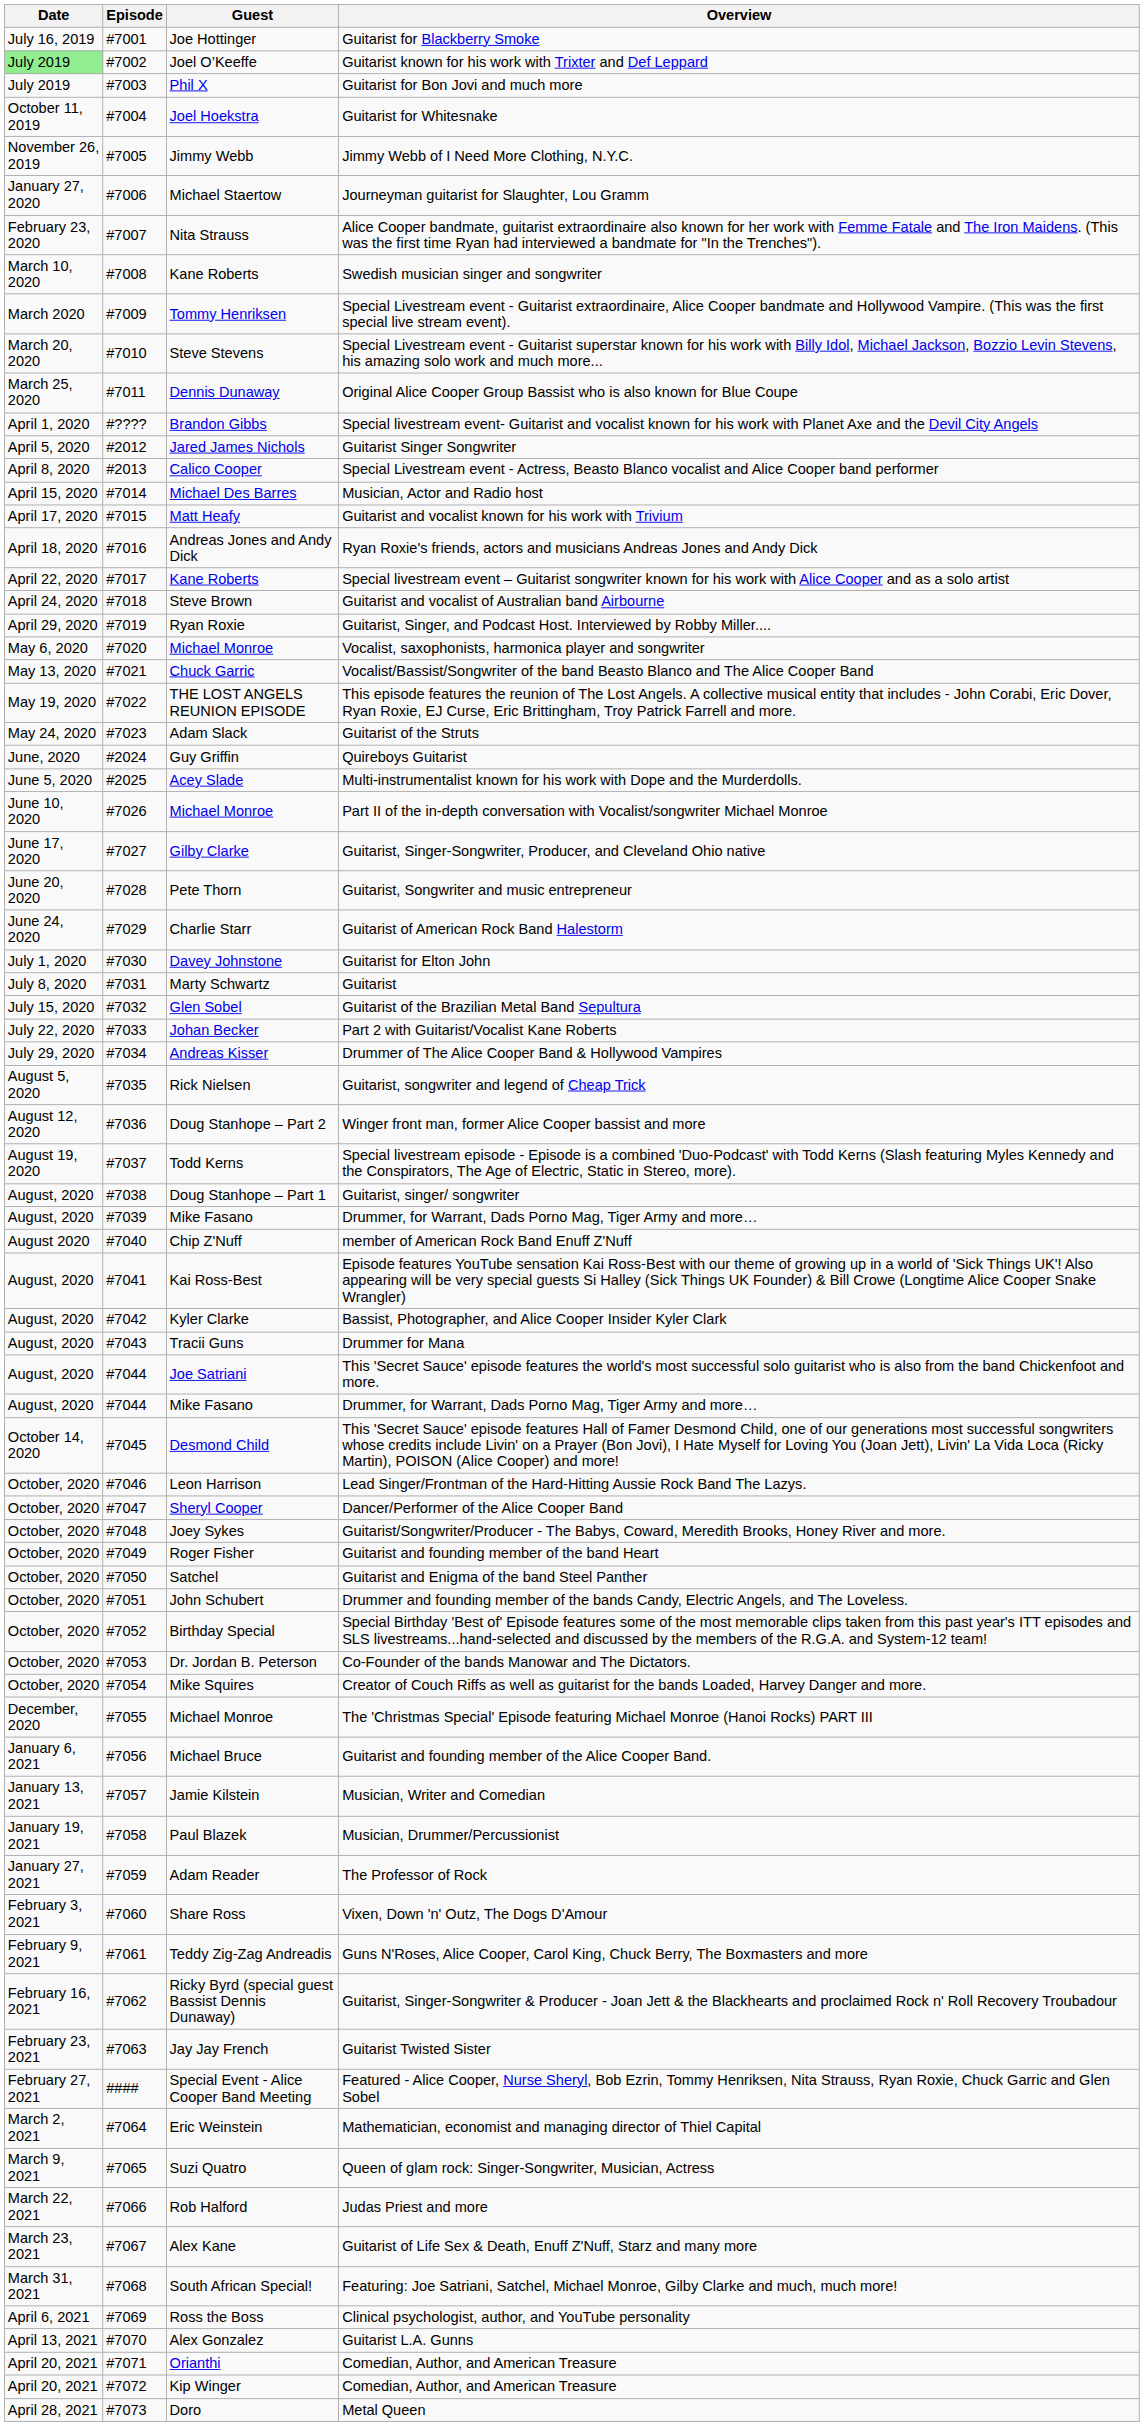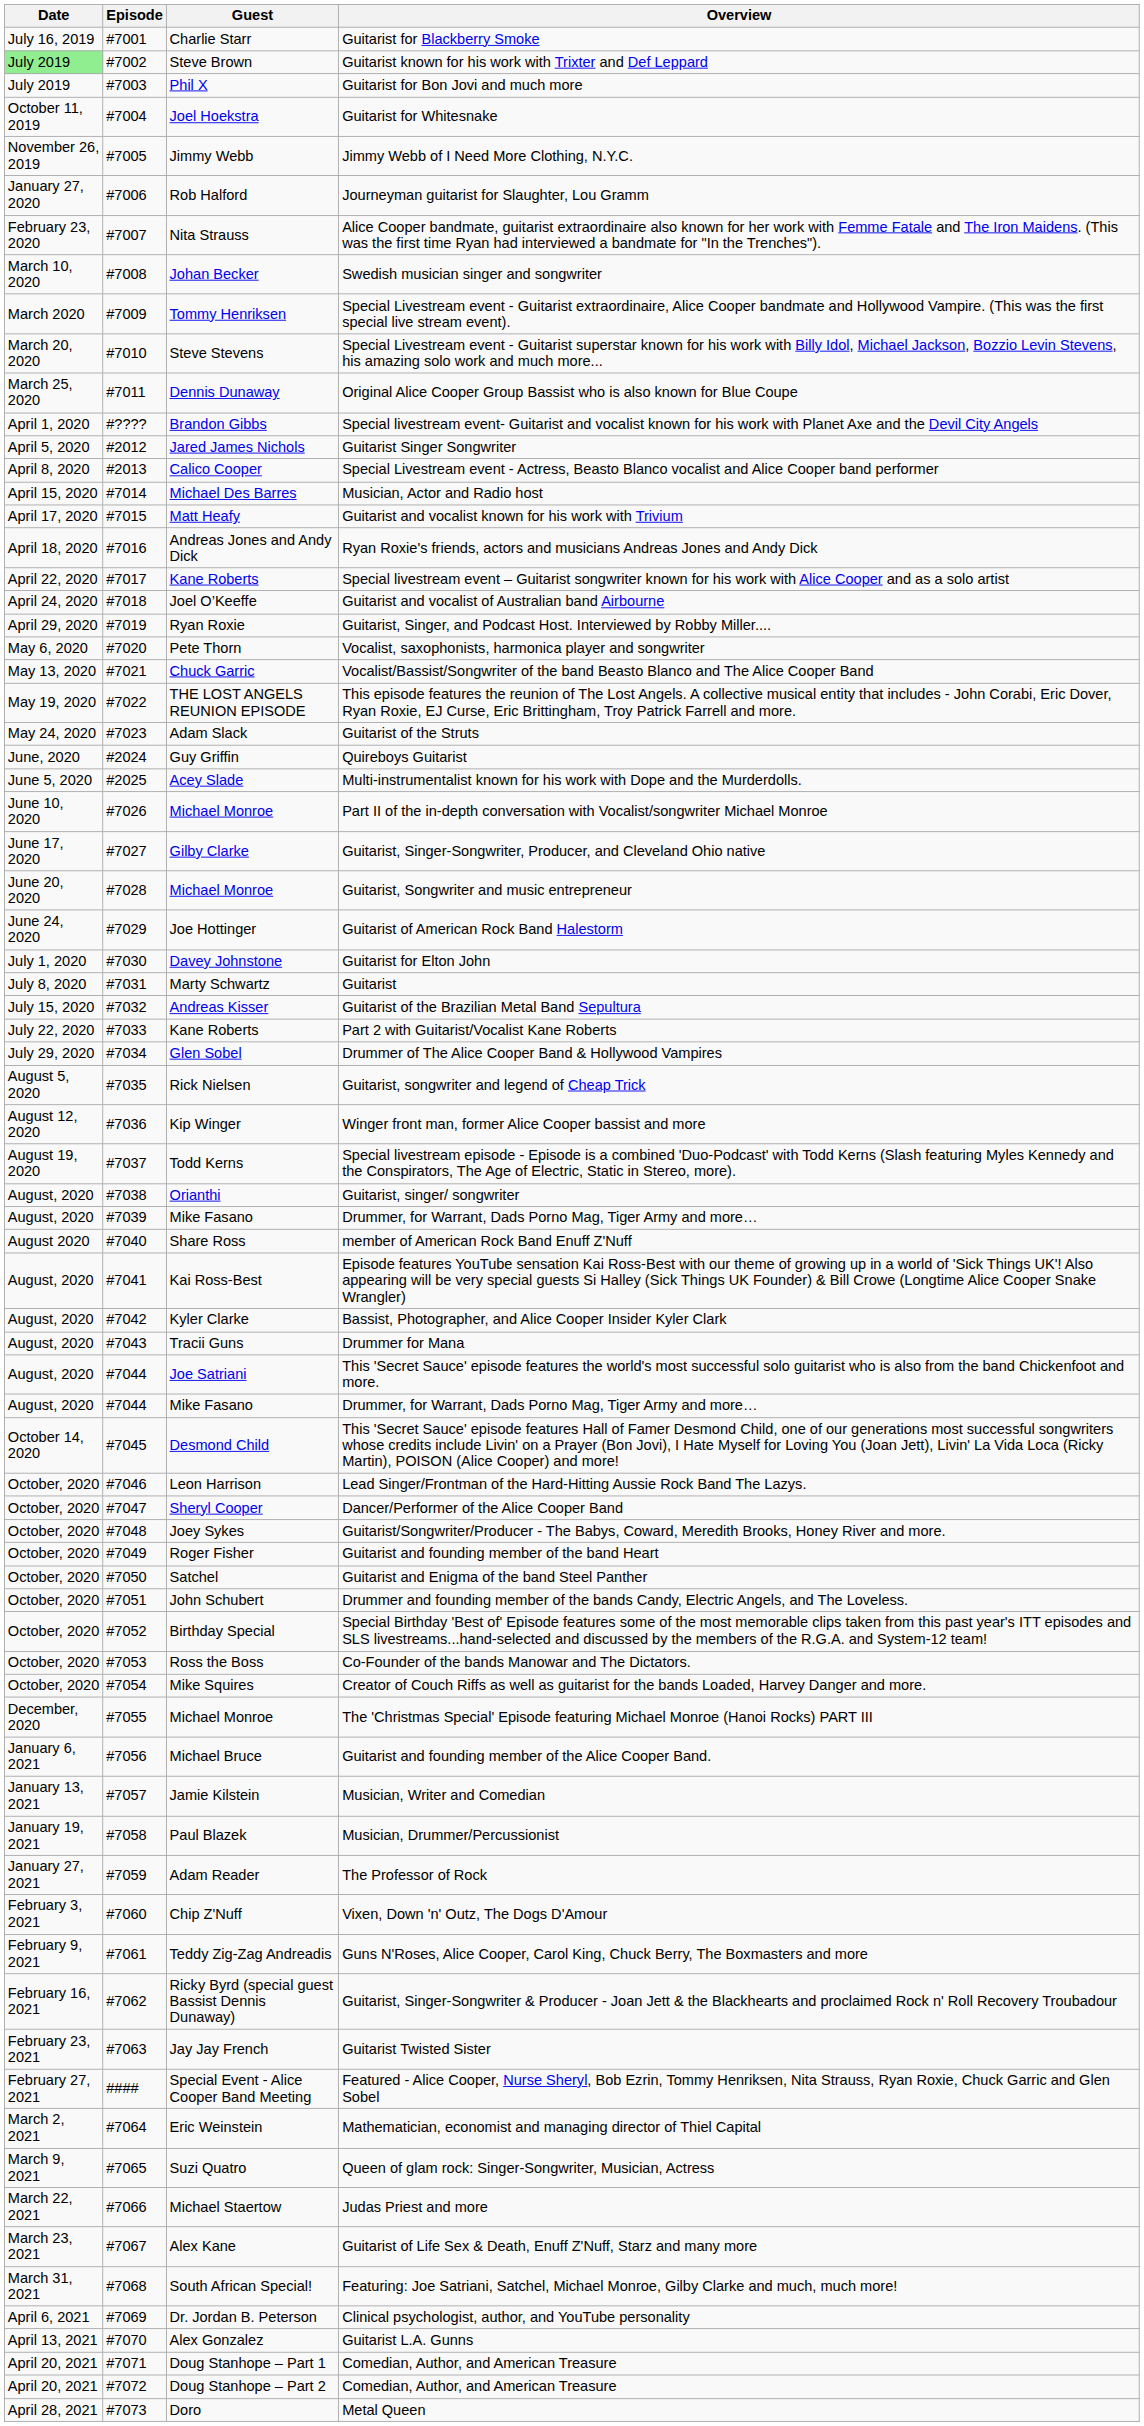 <table class="wikitable">
 <tr>
 <th>Date</th>
 <th>Episode</th>
 <th>Guest</th>
 <th>Overview</th>
 </tr>
 <tr>
 <td>July 16, 2019</td>
 <td>#7001</td>
-<td>Joe Hottinger</td>
+<td>Charlie Starr</td>
 <td>Guitarist for <a href='#'>Blackberry Smoke</a></td>
 </tr>
 <tr>
 <td style="background: lightgreen;">July 2019</td>
 <td>#7002</td>
-<td>Joel O’Keeffe</td>
+<td>Steve Brown</td>
 <td>Guitarist known for his work with <a href='#'>Trixter</a> and <a href='#'>Def Leppard</a></td>
 </tr>
 <tr>
 <td>July 2019</td>
 <td>#7003</td>
 <td><a href='#'>Phil X</a></td>
 <td>Guitarist for Bon Jovi and much more</td>
 </tr>
 <tr>
 <td>October 11, 2019</td>
 <td>#7004</td>
 <td><a href='#'>Joel Hoekstra</a></td>
 <td>Guitarist for Whitesnake</td>
 </tr>
 <tr>
 <td>November 26, 2019</td>
 <td>#7005</td>
 <td>Jimmy Webb</td>
 <td>Jimmy Webb of I Need More Clothing, N.Y.C.</td>
 </tr>
 <tr>
 <td>January 27, 2020</td>
 <td>#7006</td>
-<td>Michael Staertow</td>
+<td>Rob Halford</td>
 <td>Journeyman guitarist for Slaughter, Lou Gramm</td>
 </tr>
 <tr>
 <td>February 23, 2020</td>
 <td>#7007</td>
 <td>Nita Strauss</td>
 <td>Alice Cooper bandmate, guitarist extraordinaire also known for her work with <a href='#'>Femme Fatale</a> and <a href='#'>The Iron Maidens</a>. (This was the first time Ryan had interviewed a bandmate for "In the Trenches").</td>
 </tr>
 <tr>
 <td>March 10, 2020</td>
 <td>#7008</td>
-<td>Kane Roberts</td>
+<td><a href='#'>Johan Becker</a></td>
 <td>Swedish musician singer and songwriter</td>
 </tr>
 <tr>
 <td>March 2020</td>
 <td>#7009</td>
 <td><a href='#'>Tommy Henriksen</a></td>
 <td>Special Livestream event - Guitarist extraordinaire, Alice Cooper bandmate and Hollywood Vampire. (This was the first special live stream event).</td>
 </tr>
 <tr>
 <td>March 20, 2020</td>
 <td>#7010</td>
 <td>Steve Stevens</td>
 <td>Special Livestream event - Guitarist superstar known for his work with <a href='#'>Billy Idol</a>, <a href='#'>Michael Jackson</a>, <a href='#'>Bozzio Levin Stevens</a>, his amazing solo work and much more...</td>
 </tr>
 <tr>
 <td>March 25, 2020</td>
 <td>#7011</td>
 <td><a href='#'>Dennis Dunaway</a></td>
 <td>Original Alice Cooper Group Bassist who is also known for Blue Coupe</td>
 </tr>
 <tr>
 <td>April 1, 2020</td>
 <td>#????</td>
 <td><a href='#'>Brandon Gibbs</a></td>
 <td>Special livestream event- Guitarist and vocalist known for his work with Planet Axe and the <a href='#'>Devil City Angels</a></td>
 </tr>
 <tr>
 <td>April 5, 2020</td>
 <td>#2012</td>
 <td><a href='#'>Jared James Nichols</a></td>
 <td>Guitarist Singer Songwriter</td>
 </tr>
 <tr>
 <td>April 8, 2020</td>
 <td>#2013</td>
 <td><a href='#'>Calico Cooper</a></td>
 <td>Special Livestream event - Actress, Beasto Blanco vocalist and Alice Cooper band performer</td>
 </tr>
 <tr>
 <td>April 15, 2020</td>
 <td>#7014</td>
 <td><a href='#'>Michael Des Barres</a></td>
 <td>Musician, Actor and Radio host</td>
 </tr>
 <tr>
 <td>April 17, 2020</td>
 <td>#7015</td>
 <td><a href='#'>Matt Heafy</a></td>
 <td>Guitarist and vocalist known for his work with <a href='#'>Trivium</a></td>
 </tr>
 <tr>
 <td>April 18, 2020</td>
 <td>#7016</td>
 <td>Andreas Jones and Andy Dick</td>
 <td>Ryan Roxie's friends, actors and musicians Andreas Jones and Andy Dick</td>
 </tr>
 <tr>
 <td>April 22, 2020</td>
 <td>#7017</td>
 <td><a href='#'>Kane Roberts</a></td>
 <td>Special livestream event – Guitarist songwriter known for his work with <a href='#'>Alice Cooper</a> and as a solo artist</td>
 </tr>
 <tr>
 <td>April 24, 2020</td>
 <td>#7018</td>
-<td>Steve Brown</td>
+<td>Joel O’Keeffe</td>
 <td>Guitarist and vocalist of Australian band <a href='#'>Airbourne</a></td>
 </tr>
 <tr>
 <td>April 29, 2020</td>
 <td>#7019</td>
 <td>Ryan Roxie</td>
 <td>Guitarist, Singer, and Podcast Host. Interviewed by Robby Miller....</td>
 </tr>
 <tr>
 <td>May 6, 2020</td>
 <td>#7020</td>
-<td><a href='#'>Michael Monroe</a></td>
+<td>Pete Thorn</td>
 <td>Vocalist, saxophonists, harmonica player and songwriter</td>
 </tr>
 <tr>
 <td>May 13, 2020</td>
 <td>#7021</td>
 <td><a href='#'>Chuck Garric</a></td>
 <td>Vocalist/Bassist/Songwriter of the band Beasto Blanco and The Alice Cooper Band</td>
 </tr>
 <tr>
 <td>May 19, 2020</td>
 <td>#7022</td>
 <td>THE LOST ANGELS REUNION EPISODE</td>
 <td>This episode features the reunion of The Lost Angels. A collective musical entity that includes - John Corabi, Eric Dover, Ryan Roxie, EJ Curse, Eric Brittingham, Troy Patrick Farrell and more.</td>
 </tr>
 <tr>
 <td>May 24, 2020</td>
 <td>#7023</td>
 <td>Adam Slack</td>
 <td>Guitarist of the Struts</td>
 </tr>
 <tr>
 <td>June, 2020</td>
 <td>#2024</td>
 <td>Guy Griffin</td>
 <td>Quireboys Guitarist</td>
 </tr>
 <tr>
 <td>June 5, 2020</td>
 <td>#2025</td>
 <td><a href='#'>Acey Slade</a></td>
 <td>Multi-instrumentalist known for his work with Dope and the Murderdolls.</td>
 </tr>
 <tr>
 <td>June 10, 2020</td>
 <td>#7026</td>
 <td><a href='#'>Michael Monroe</a></td>
 <td>Part II of the in-depth conversation with Vocalist/songwriter Michael Monroe</td>
 </tr>
 <tr>
 <td>June 17, 2020</td>
 <td>#7027</td>
 <td><a href='#'>Gilby Clarke</a></td>
 <td>Guitarist, Singer-Songwriter, Producer, and Cleveland Ohio native</td>
 </tr>
 <tr>
 <td>June 20, 2020</td>
 <td>#7028</td>
-<td>Pete Thorn</td>
+<td><a href='#'>Michael Monroe</a></td>
 <td>Guitarist, Songwriter and music entrepreneur</td>
 </tr>
 <tr>
 <td>June 24, 2020</td>
 <td>#7029</td>
-<td>Charlie Starr</td>
+<td>Joe Hottinger</td>
 <td>Guitarist of American Rock Band <a href='#'>Halestorm</a></td>
 </tr>
 <tr>
 <td>July 1, 2020</td>
 <td>#7030</td>
 <td><a href='#'>Davey Johnstone</a></td>
 <td>Guitarist for Elton John</td>
 </tr>
 <tr>
 <td>July 8, 2020</td>
 <td>#7031</td>
 <td>Marty Schwartz</td>
 <td>Guitarist</td>
 </tr>
 <tr>
 <td>July 15, 2020</td>
 <td>#7032</td>
-<td><a href='#'>Glen Sobel</a></td>
+<td><a href='#'>Andreas Kisser</a></td>
 <td>Guitarist of the Brazilian Metal Band <a href='#'>Sepultura</a></td>
 </tr>
 <tr>
 <td>July 22, 2020</td>
 <td>#7033</td>
-<td><a href='#'>Johan Becker</a></td>
+<td>Kane Roberts</td>
 <td>Part 2 with Guitarist/Vocalist Kane Roberts</td>
 </tr>
 <tr>
 <td>July 29, 2020</td>
 <td>#7034</td>
-<td><a href='#'>Andreas Kisser</a></td>
+<td><a href='#'>Glen Sobel</a></td>
 <td>Drummer of The Alice Cooper Band & Hollywood Vampires</td>
 </tr>
 <tr>
 <td>August 5, 2020</td>
 <td>#7035</td>
 <td>Rick Nielsen</td>
 <td>Guitarist, songwriter and legend of <a href='#'>Cheap Trick</a></td>
 </tr>
 <tr>
 <td>August 12, 2020</td>
 <td>#7036</td>
-<td>Doug Stanhope – Part 2</td>
+<td>Kip Winger</td>
 <td>Winger front man, former Alice Cooper bassist and more</td>
 </tr>
 <tr>
 <td>August 19, 2020</td>
 <td>#7037</td>
 <td>Todd Kerns</td>
 <td>Special livestream episode - Episode is a combined 'Duo-Podcast' with Todd Kerns (Slash featuring Myles Kennedy and the Conspirators, The Age of Electric, Static in Stereo, more).</td>
 </tr>
 <tr>
 <td>August, 2020</td>
 <td>#7038</td>
-<td>Doug Stanhope – Part 1</td>
+<td><a href='#'>Orianthi</a></td>
 <td>Guitarist, singer/ songwriter</td>
 </tr>
 <tr>
 <td>August, 2020</td>
 <td>#7039</td>
 <td>Mike Fasano</td>
 <td>Drummer, for Warrant, Dads Porno Mag, Tiger Army and more…</td>
 </tr>
 <tr>
 <td>August 2020</td>
 <td>#7040</td>
-<td>Chip Z'Nuff</td>
+<td>Share Ross</td>
 <td>member of American Rock Band Enuff Z'Nuff</td>
 </tr>
 <tr>
 <td>August, 2020</td>
 <td>#7041</td>
 <td>Kai Ross-Best</td>
 <td>Episode features YouTube sensation Kai Ross-Best with our theme of growing up in a world of 'Sick Things UK'! Also appearing will be very special guests Si Halley (Sick Things UK Founder) & Bill Crowe (Longtime Alice Cooper Snake Wrangler)</td>
 </tr>
 <tr>
 <td>August, 2020</td>
 <td>#7042</td>
 <td>Kyler Clarke</td>
 <td>Bassist, Photographer, and Alice Cooper Insider Kyler Clark</td>
 </tr>
 <tr>
 <td>August, 2020</td>
 <td>#7043</td>
 <td>Tracii Guns</td>
 <td>Drummer for Mana</td>
 </tr>
 <tr>
 <td>August, 2020</td>
 <td>#7044</td>
 <td><a href='#'>Joe Satriani</a></td>
 <td>This 'Secret Sauce' episode features the world's most successful solo guitarist who is also from the band Chickenfoot and more.</td>
 </tr>
 <tr>
 <td>August, 2020</td>
 <td>#7044</td>
 <td>Mike Fasano</td>
 <td>Drummer, for Warrant, Dads Porno Mag, Tiger Army and more…</td>
 </tr>
 <tr>
 <td>October 14, 2020</td>
 <td>#7045</td>
 <td><a href='#'>Desmond Child</a></td>
 <td>This 'Secret Sauce' episode features Hall of Famer Desmond Child, one of our generations most successful songwriters whose credits include Livin' on a Prayer (Bon Jovi), I Hate Myself for Loving You (Joan Jett), Livin' La Vida Loca (Ricky Martin), POISON (Alice Cooper) and more!</td>
 </tr>
 <tr>
 <td>October, 2020</td>
 <td>#7046</td>
 <td>Leon Harrison</td>
 <td>Lead Singer/Frontman of the Hard-Hitting Aussie Rock Band The Lazys.</td>
 </tr>
 <tr>
 <td>October, 2020</td>
 <td>#7047</td>
 <td><a href='#'>Sheryl Cooper</a></td>
 <td>Dancer/Performer of the Alice Cooper Band</td>
 </tr>
 <tr>
 <td>October, 2020</td>
 <td>#7048</td>
 <td>Joey Sykes</td>
 <td>Guitarist/Songwriter/Producer - The Babys, Coward, Meredith Brooks, Honey River and more.</td>
 </tr>
 <tr>
 <td>October, 2020</td>
 <td>#7049</td>
 <td>Roger Fisher</td>
 <td>Guitarist and founding member of the band Heart</td>
 </tr>
 <tr>
 <td>October, 2020</td>
 <td>#7050</td>
 <td>Satchel</td>
 <td>Guitarist and Enigma of the band Steel Panther</td>
 </tr>
 <tr>
 <td>October, 2020</td>
 <td>#7051</td>
 <td>John Schubert</td>
 <td>Drummer and founding member of the bands Candy, Electric Angels, and The Loveless.</td>
 </tr>
 <tr>
 <td>October, 2020</td>
 <td>#7052</td>
 <td>Birthday Special</td>
 <td>Special Birthday 'Best of' Episode features some of the most memorable clips taken from this past year's ITT episodes and SLS livestreams...hand-selected and discussed by the members of the R.G.A. and System-12 team!</td>
 </tr>
 <tr>
 <td>October, 2020</td>
 <td>#7053</td>
-<td>Dr. Jordan B. Peterson</td>
+<td>Ross the Boss</td>
 <td>Co-Founder of the bands Manowar and The Dictators.</td>
 </tr>
 <tr>
 <td>October, 2020</td>
 <td>#7054</td>
 <td>Mike Squires</td>
 <td>Creator of Couch Riffs as well as guitarist for the bands Loaded, Harvey Danger and more.</td>
 </tr>
 <tr>
 <td>December, 2020</td>
 <td>#7055</td>
 <td>Michael Monroe</td>
 <td>The 'Christmas Special' Episode featuring Michael Monroe (Hanoi Rocks) PART III</td>
 </tr>
 <tr>
 <td>January 6, 2021</td>
 <td>#7056</td>
 <td>Michael Bruce</td>
 <td>Guitarist and founding member of the Alice Cooper Band.</td>
 </tr>
 <tr>
 <td>January 13, 2021</td>
 <td>#7057</td>
 <td>Jamie Kilstein</td>
 <td>Musician, Writer and Comedian</td>
 </tr>
 <tr>
 <td>January 19, 2021</td>
 <td>#7058</td>
 <td>Paul Blazek</td>
 <td>Musician, Drummer/Percussionist</td>
 </tr>
 <tr>
 <td>January 27, 2021</td>
 <td>#7059</td>
 <td>Adam Reader</td>
 <td>The Professor of Rock</td>
 </tr>
 <tr>
 <td>February 3, 2021</td>
 <td>#7060</td>
-<td>Share Ross</td>
+<td>Chip Z'Nuff</td>
 <td>Vixen, Down 'n' Outz, The Dogs D'Amour</td>
 </tr>
 <tr>
 <td>February 9, 2021</td>
 <td>#7061</td>
 <td>Teddy Zig-Zag Andreadis</td>
 <td>Guns N'Roses, Alice Cooper, Carol King, Chuck Berry, The Boxmasters and more</td>
 </tr>
 <tr>
 <td>February 16, 2021</td>
 <td>#7062</td>
 <td>Ricky Byrd (special guest Bassist Dennis Dunaway)</td>
 <td>Guitarist, Singer-Songwriter & Producer - Joan Jett & the Blackhearts and proclaimed Rock n' Roll Recovery Troubadour</td>
 </tr>
 <tr>
 <td>February 23, 2021</td>
 <td>#7063</td>
 <td>Jay Jay French</td>
 <td>Guitarist Twisted Sister</td>
 </tr>
 <tr>
 <td>February 27, 2021</td>
 <td>####</td>
 <td>Special Event - Alice Cooper Band Meeting</td>
 <td>Featured - Alice Cooper, <a href='#'>Nurse Sheryl</a>, Bob Ezrin, Tommy Henriksen, Nita Strauss, Ryan Roxie, Chuck Garric and Glen Sobel</td>
 </tr>
 <tr>
 <td>March 2, 2021</td>
 <td>#7064</td>
 <td>Eric Weinstein</td>
 <td>Mathematician, economist and managing director of Thiel Capital</td>
 </tr>
 <tr>
 <td>March 9, 2021</td>
 <td>#7065</td>
 <td>Suzi Quatro</td>
 <td>Queen of glam rock: Singer-Songwriter, Musician, Actress</td>
 </tr>
 <tr>
 <td>March 22, 2021</td>
 <td>#7066</td>
-<td>Rob Halford</td>
+<td>Michael Staertow</td>
 <td>Judas Priest and more</td>
 </tr>
 <tr>
 <td>March 23, 2021</td>
 <td>#7067</td>
 <td>Alex Kane</td>
 <td>Guitarist of Life Sex & Death, Enuff Z'Nuff, Starz and many more</td>
 </tr>
 <tr>
 <td>March 31, 2021</td>
 <td>#7068</td>
 <td>South African Special!</td>
 <td>Featuring: Joe Satriani, Satchel, Michael Monroe, Gilby Clarke and much, much more!</td>
 </tr>
 <tr>
 <td>April 6, 2021</td>
 <td>#7069</td>
-<td>Ross the Boss</td>
+<td>Dr. Jordan B. Peterson</td>
 <td>Clinical psychologist, author, and YouTube personality</td>
 </tr>
 <tr>
 <td>April 13, 2021</td>
 <td>#7070</td>
 <td>Alex Gonzalez</td>
 <td>Guitarist L.A. Gunns</td>
 </tr>
 <tr>
 <td>April 20, 2021</td>
 <td>#7071</td>
-<td><a href='#'>Orianthi</a></td>
+<td>Doug Stanhope – Part 1</td>
 <td>Comedian, Author, and American Treasure</td>
 </tr>
 <tr>
 <td>April 20, 2021</td>
 <td>#7072</td>
-<td>Kip Winger</td>
+<td>Doug Stanhope – Part 2</td>
 <td>Comedian, Author, and American Treasure</td>
 </tr>
 <tr>
 <td>April 28, 2021</td>
 <td>#7073</td>
 <td>Doro</td>
 <td>Metal Queen</td>
 </tr>
 </table>
